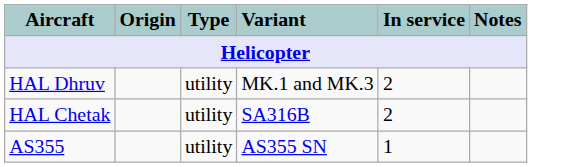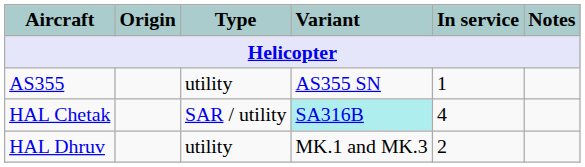 <table class="wikitable">
 <tr>
 <th style="text-align:center; background:#acc;">Aircraft</th>
 <th style="text-align: center; background:#acc;">Origin</th>
 <th style="text-align:l center; background:#acc;">Type</th>
 <th style="text-align:left; background:#acc;">Variant</th>
 <th style="text-align:center; background:#acc;">In service</th>
 <th style="text-align: center; background:#acc;">Notes</th>
 </tr>
 <tr>
 <th colspan="6" style="align: center; background: lavender;"><a href='#'>Helicopter</a></th>
 </tr>
 <tr>
+<td><a href='#'>AS355</a></td>
+<td></td>
+<td>utility</td>
+<td><a href='#'>AS355 SN</a></td>
+<td>1</td>
+<td></td>
+</tr>
+<tr>
+<td><a href='#'>HAL Chetak</a></td>
+<td></td>
+<td><a href='#'>SAR</a> / utility</td>
+<td style="background: paleturquoise;"><a href='#'>SA316B</a></td>
+<td>4</td>
+<td></td>
+</tr>
+<tr>
 <td><a href='#'>HAL Dhruv</a></td>
 <td></td>
 <td>utility</td>
 <td>MK.1 and MK.3</td>
 <td>2</td>
 <td></td>
 </tr>
-<tr>
-<td><a href='#'>HAL Chetak</a></td>
-<td></td>
-<td>utility</td>
-<td><a href='#'>SA316B</a></td>
-<td>2</td>
-<td></td>
-</tr>
-<tr>
-<td><a href='#'>AS355</a></td>
-<td></td>
-<td>utility</td>
-<td><a href='#'>AS355 SN</a></td>
-<td>1</td>
-<td></td>
-</tr>
 </table>
